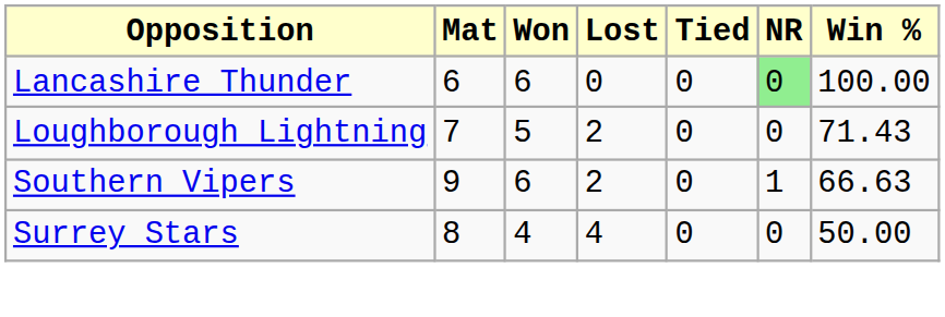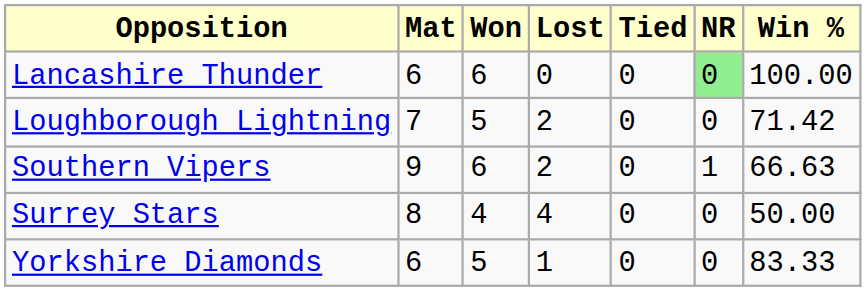 <table class="wikitable sortable">
 <tr>
 <th style="background:#ffc;">Opposition</th>
 <th style="background:#ffc;">Mat</th>
 <th style="background:#ffc;">Won</th>
 <th style="background:#ffc;">Lost</th>
 <th style="background:#ffc;">Tied</th>
 <th style="background:#ffc;">NR</th>
 <th style="background:#ffc;">Win %</th>
 </tr>
 <tr>
 <td><a href='#'>Lancashire Thunder</a></td>
 <td>6</td>
 <td>6</td>
 <td>0</td>
 <td>0</td>
 <td style="background: lightgreen;">0</td>
 <td>100.00</td>
 </tr>
 <tr>
 <td><a href='#'>Loughborough Lightning</a></td>
 <td>7</td>
 <td>5</td>
 <td>2</td>
 <td>0</td>
 <td>0</td>
-<td>71.43</td>
+<td>71.42</td>
 </tr>
 <tr>
 <td><a href='#'>Southern Vipers</a></td>
 <td>9</td>
 <td>6</td>
 <td>2</td>
 <td>0</td>
 <td>1</td>
 <td>66.63</td>
 </tr>
 <tr>
 <td><a href='#'>Surrey Stars</a></td>
 <td>8</td>
 <td>4</td>
 <td>4</td>
 <td>0</td>
 <td>0</td>
 <td>50.00</td>
 </tr>
+<tr>
+<td><a href='#'>Yorkshire Diamonds</a></td>
+<td>6</td>
+<td>5</td>
+<td>1</td>
+<td>0</td>
+<td>0</td>
+<td>83.33</td>
+</tr>
 </table>
